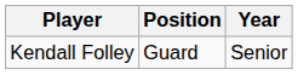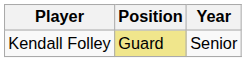 <table class="wikitable" border="1">
 <tr align=center>
 <th>Player</th>
 <th>Position</th>
 <th>Year</th>
 </tr>
 <tr>
 <td>Kendall Folley</td>
-<td>Guard</td>
+<td style="background: khaki;">Guard</td>
 <td>Senior</td>
 </tr>
 <tr>
 </tr>
 </table>
